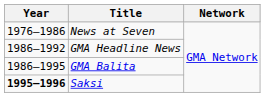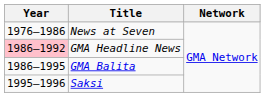 <table class="wikitable">
 <tr style="background:#ccc; text-align:center;">
 <th>Year</th>
 <th>Title</th>
 <th>Network</th>
 </tr>
 <tr>
 <td>1976–1986</td>
 <td><em>News at Seven</em></td>
 <td rowspan="4"><a href='#'>GMA Network</a></td>
 </tr>
 <tr>
-<td>1986–1992</td>
+<td style="background: pink;">1986–1992</td>
 <td><em>GMA Headline News</em></td>
 </tr>
 <tr>
 <td>1986–1995</td>
 <td><em><a href='#'>GMA Balita</a></em></td>
 </tr>
 <tr>
-<td><strong>1995–1996</strong></td>
+<td>1995–1996</td>
 <td><em><a href='#'>Saksi</a></em></td>
 </tr>
 </table>
